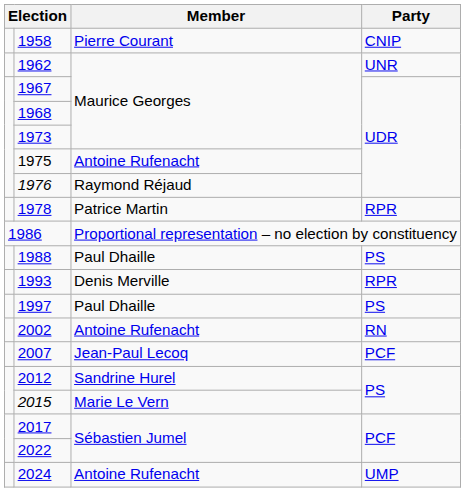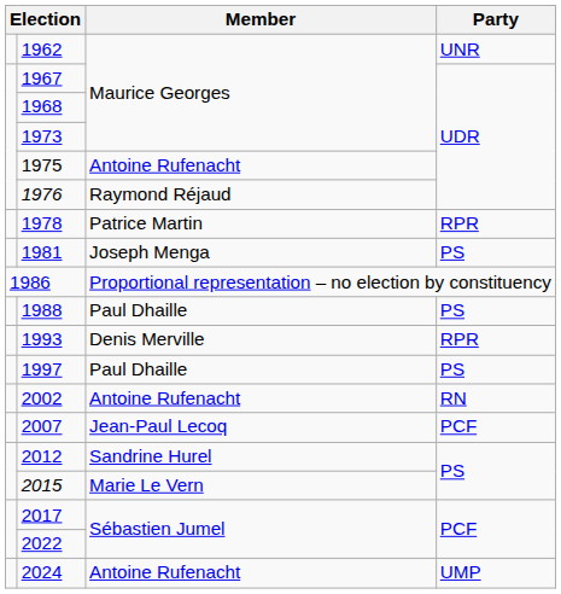 <table class="wikitable">
 <tr>
 <th colspan=2>Election</th>
 <th>Member</th>
 <th>Party</th>
-</tr>
-<tr>
-<td style="background-color: "></td>
-<td><a href='#'>1958</a></td>
-<td><a href='#'>Pierre Courant</a></td>
-<td><a href='#'>CNIP</a></td>
 </tr>
 <tr>
 <td style="background-color: "></td>
 <td><a href='#'>1962</a></td>
 <td rowspan="4">Maurice Georges</td>
 <td><a href='#'>UNR</a></td>
 </tr>
 <tr>
 <td rowspan="5" style="background-color: "></td>
 <td><a href='#'>1967</a></td>
 <td rowspan="5"><a href='#'>UDR</a></td>
 </tr>
 <tr>
 <td><a href='#'>1968</a></td>
 </tr>
 <tr>
 <td><a href='#'>1973</a></td>
 </tr>
 <tr>
 <td>1975</td>
 <td><a href='#'>Antoine Rufenacht</a></td>
 </tr>
 <tr>
 <td><em>1976</em></td>
 <td>Raymond Réjaud</td>
 </tr>
 <tr>
 <td style="background-color: "></td>
 <td><a href='#'>1978</a></td>
 <td>Patrice Martin</td>
 <td><a href='#'>RPR</a></td>
+</tr>
+<tr>
+<td style="background-color: "></td>
+<td><a href='#'>1981</a></td>
+<td>Joseph Menga</td>
+<td><a href='#'>PS</a></td>
 </tr>
 <tr>
 <td colspan="2"><a href='#'>1986</a></td>
 <td colspan="2"><a href='#'>Proportional representation</a> – no election by constituency</td>
 </tr>
 <tr>
 <td style="background-color: "></td>
 <td><a href='#'>1988</a></td>
 <td>Paul Dhaille</td>
 <td><a href='#'>PS</a></td>
 </tr>
 <tr>
 <td style="background-color: "></td>
 <td><a href='#'>1993</a></td>
 <td>Denis Merville</td>
 <td><a href='#'>RPR</a></td>
 </tr>
 <tr>
 <td style="background-color: "></td>
 <td><a href='#'>1997</a></td>
 <td>Paul Dhaille</td>
 <td><a href='#'>PS</a></td>
 </tr>
 <tr>
 <td style="background-color: "></td>
 <td><a href='#'>2002</a></td>
 <td><a href='#'>Antoine Rufenacht</a></td>
 <td><a href='#'>RN</a></td>
 </tr>
 <tr>
 <td style="background-color: "></td>
 <td><a href='#'>2007</a></td>
 <td><a href='#'>Jean-Paul Lecoq</a></td>
 <td><a href='#'>PCF</a></td>
 </tr>
 <tr>
 <td rowspan="2" style="background-color: "></td>
 <td><a href='#'>2012</a></td>
 <td><a href='#'>Sandrine Hurel</a></td>
 <td rowspan="2"><a href='#'>PS</a></td>
 </tr>
 <tr>
 <td><em>2015</em></td>
 <td><a href='#'>Marie Le Vern</a></td>
 </tr>
 <tr>
 <td rowspan="2" style="background-color: "></td>
 <td><a href='#'>2017</a></td>
 <td rowspan="2"><a href='#'>Sébastien Jumel</a></td>
 <td rowspan="2"><a href='#'>PCF</a></td>
 </tr>
 <tr>
 <td><a href='#'>2022</a></td>
 </tr>
 <tr>
 <td style="background-color: "></td>
 <td><a href='#'>2024</a></td>
 <td><a href='#'>Antoine Rufenacht</a></td>
 <td><a href='#'>UMP</a></td>
 </tr>
 </table>
